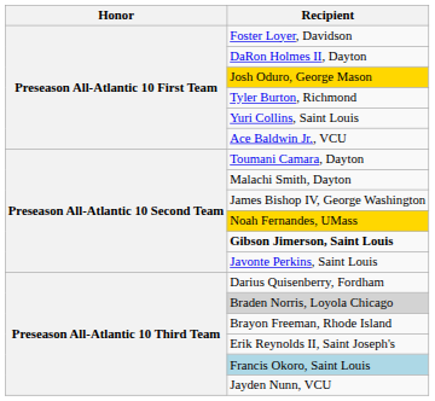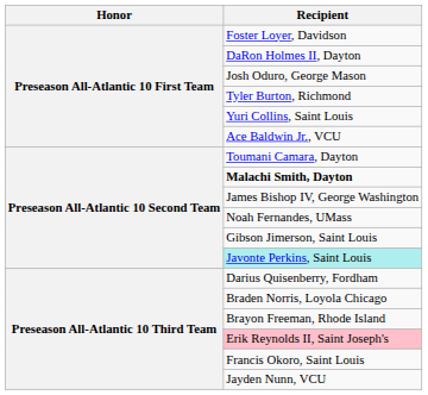 <table class="wikitable">
 <tr>
 <th>Honor</th>
 <th>Recipient</th>
 </tr>
 <tr>
 <th rowspan="6">Preseason All-Atlantic 10 First Team</th>
 <td><a href='#'>Foster Loyer</a>, Davidson</td>
 </tr>
 <tr>
 <td><a href='#'>DaRon Holmes II</a>, Dayton</td>
 </tr>
 <tr>
-<td style="background: gold;">Josh Oduro, George Mason</td>
+<td>Josh Oduro, George Mason</td>
 </tr>
 <tr>
 <td><a href='#'>Tyler Burton</a>, Richmond</td>
 </tr>
 <tr>
 <td><a href='#'>Yuri Collins</a>, Saint Louis</td>
 </tr>
 <tr>
 <td><a href='#'>Ace Baldwin Jr.</a>, VCU</td>
 </tr>
 <tr>
 <th rowspan="6">Preseason All-Atlantic 10 Second Team</th>
 <td><a href='#'>Toumani Camara</a>, Dayton</td>
 </tr>
 <tr>
-<td>Malachi Smith, Dayton</td>
+<td><strong>Malachi Smith, Dayton</strong></td>
 </tr>
 <tr>
 <td>James Bishop IV, George Washington</td>
 </tr>
 <tr>
-<td style="background: gold;">Noah Fernandes, UMass</td>
+<td>Noah Fernandes, UMass</td>
 </tr>
 <tr>
-<td><strong>Gibson Jimerson, Saint Louis</strong></td>
+<td>Gibson Jimerson, Saint Louis</td>
 </tr>
 <tr>
-<td><a href='#'>Javonte Perkins</a>, Saint Louis</td>
+<td style="background: paleturquoise;"><a href='#'>Javonte Perkins</a>, Saint Louis</td>
 </tr>
 <tr>
 <th rowspan="6">Preseason All-Atlantic 10 Third Team</th>
 <td>Darius Quisenberry, Fordham</td>
 </tr>
 <tr>
-<td style="background: lightgrey;">Braden Norris, Loyola Chicago</td>
+<td>Braden Norris, Loyola Chicago</td>
 </tr>
 <tr>
 <td>Brayon Freeman, Rhode Island</td>
 </tr>
 <tr>
-<td>Erik Reynolds II, Saint Joseph's</td>
+<td style="background: pink;">Erik Reynolds II, Saint Joseph's</td>
 </tr>
 <tr>
-<td style="background: lightblue;">Francis Okoro, Saint Louis</td>
+<td>Francis Okoro, Saint Louis</td>
 </tr>
 <tr>
 <td>Jayden Nunn, VCU</td>
 </tr>
 </table>
